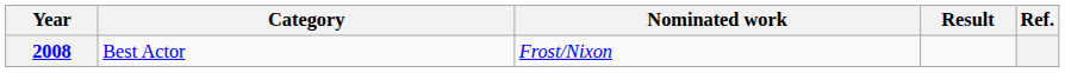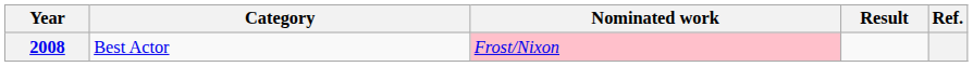 <table class=wikitable>
 <tr>
 <th scope="col" style="width:5em;">Year</th>
 <th scope="col" style="width:26em;">Category</th>
 <th scope="col" style="width:25em;">Nominated work</th>
 <th scope="col" style="width:5em;">Result</th>
 <th>Ref.</th>
 </tr>
 <tr>
 <th Scope=row><a href='#'>2008</a></th>
 <td><a href='#'>Best Actor</a></td>
-<td><em><a href='#'>Frost/Nixon</a></em></td>
+<td style="background: pink;"><em><a href='#'>Frost/Nixon</a></em></td>
 <td></td>
 <th Scope=row></th>
 </tr>
 <tr>
 </tr>
 </table>
